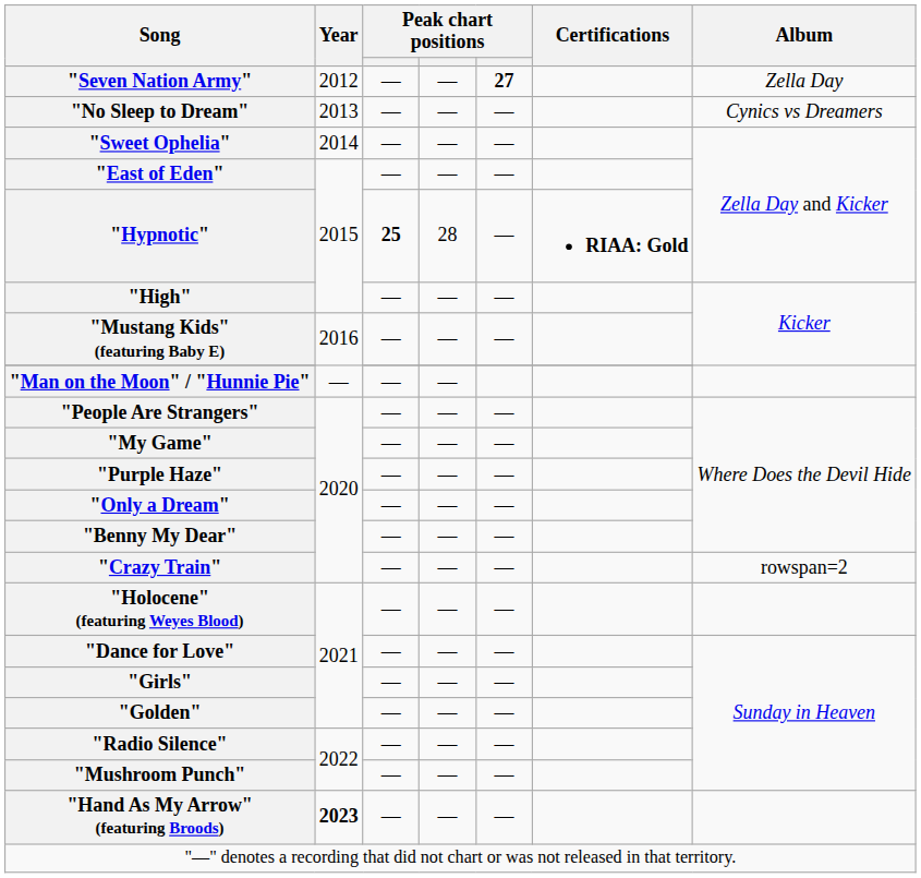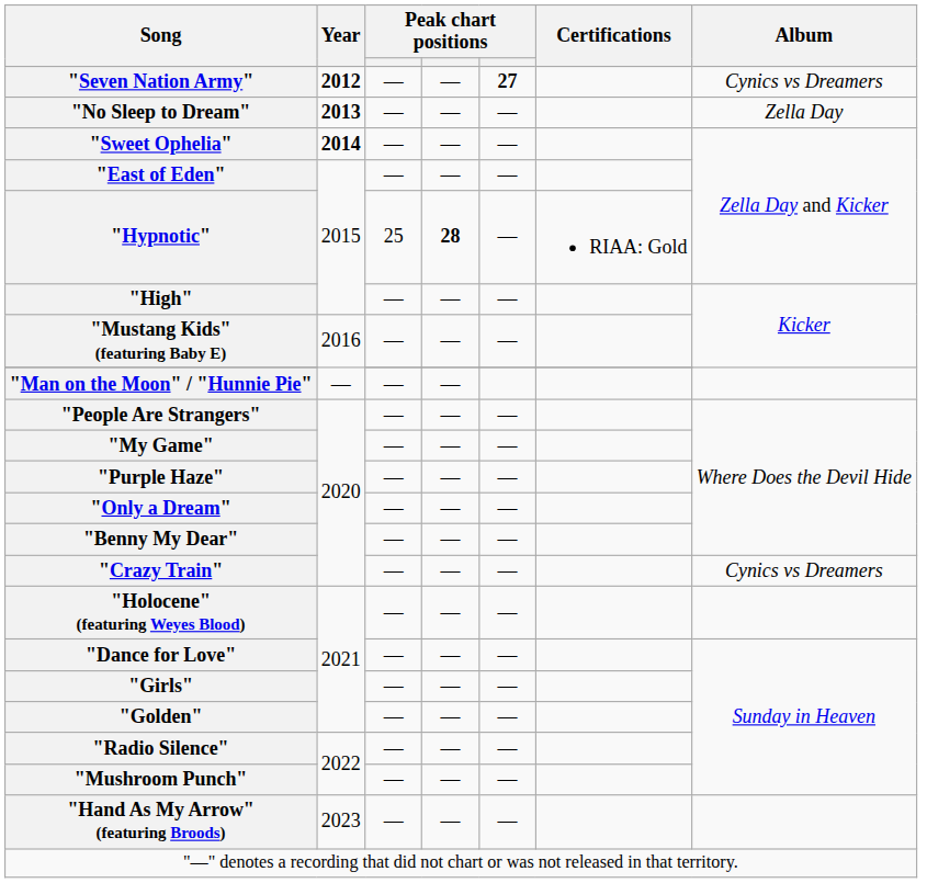 <table class="wikitable plainrowheaders" style=text-align:center;>
 <tr>
 <th rowspan="2">Song</th>
 <th rowspan="2">Year</th>
 <th colspan="3">Peak chart positions</th>
 <th rowspan="2">Certifications</th>
 <th rowspan="2">Album</th>
 </tr>
 <tr style="font-size:smaller;">
 <th style="width:3em;"></th>
 <th style="width:3em;"></th>
 <th style="width:3em;"></th>
 </tr>
 <tr>
 <th scope="row">"<a href='#'>Seven Nation Army</a>"</th>
-<td>2012</td>
+<td><strong>2012</strong></td>
 <td>—</td>
 <td>—</td>
 <td><strong>27</strong></td>
 <td></td>
-<td><em>Zella Day</em></td>
+<td><em>Cynics vs Dreamers</em></td>
 </tr>
 <tr>
 <th scope="row">"No Sleep to Dream"</th>
-<td>2013</td>
+<td><strong>2013</strong></td>
 <td>—</td>
 <td>—</td>
 <td>—</td>
 <td></td>
-<td><em>Cynics vs Dreamers</em></td>
+<td><em>Zella Day</em></td>
 </tr>
 <tr>
 <th scope="row">"<a href='#'>Sweet Ophelia</a>"</th>
-<td>2014</td>
+<td><strong>2014</strong></td>
 <td>—</td>
 <td>—</td>
 <td>—</td>
 <td></td>
 <td rowspan="3"><em><a href='#'>Zella Day</a></em> and <em><a href='#'>Kicker</a></em></td>
 </tr>
 <tr>
 <th scope="row">"<a href='#'>East of Eden</a>"</th>
 <td rowspan="3">2015</td>
 <td>—</td>
 <td>—</td>
 <td>—</td>
 <td></td>
 </tr>
 <tr>
 <th scope="row">"<a href='#'>Hypnotic</a>"</th>
-<td><strong>25</strong></td>
-<td>28</td>
+<td>25</td>
+<td><strong>28</strong></td>
 <td>—</td>
-<td><strong><br><ul><li>RIAA: Gold</li></ul></strong></td>
+<td><br><ul><li>RIAA: Gold</li></ul></td>
 </tr>
 <tr>
 <th scope="row">"High"</th>
 <td>—</td>
 <td>—</td>
 <td>—</td>
 <td></td>
 <td rowspan="2"><em><a href='#'>Kicker</a></em></td>
 </tr>
 <tr>
 <th scope="row">"Mustang Kids"<br><small>(featuring Baby E)</small></th>
 <td rowspan="2">2016</td>
 <td>—</td>
 <td>—</td>
 <td>—</td>
 <td></td>
 </tr>
 <tr>
 </tr>
 <tr>
 <th scope="row">"<a href='#'>Man on the Moon</a>" / "<a href='#'>Hunnie Pie</a>"</th>
 <td>—</td>
 <td>—</td>
 <td>—</td>
 <td></td>
 <td></td>
 </tr>
 <tr>
 <th scope="row">"People Are Strangers"</th>
 <td rowspan="6">2020</td>
 <td>—</td>
 <td>—</td>
 <td>—</td>
 <td></td>
 <td rowspan="5"><em>Where Does the Devil Hide</em></td>
 </tr>
 <tr>
 <th scope="row">"My Game"</th>
 <td>—</td>
 <td>—</td>
 <td>—</td>
 <td></td>
 </tr>
 <tr>
 <th scope="row">"Purple Haze"</th>
 <td>—</td>
 <td>—</td>
 <td>—</td>
 <td></td>
 </tr>
 <tr>
 <th scope="row">"<a href='#'>Only a Dream</a>"</th>
 <td>—</td>
 <td>—</td>
 <td>—</td>
 <td></td>
 </tr>
 <tr>
 <th scope="row">"Benny My Dear"</th>
 <td>—</td>
 <td>—</td>
 <td>—</td>
 <td></td>
 </tr>
 <tr>
 <th scope="row">"<a href='#'>Crazy Train</a>"</th>
 <td>—</td>
 <td>—</td>
 <td>—</td>
 <td></td>
-<td>rowspan=2 </td>
+<td><em>Cynics vs Dreamers</em></td>
 </tr>
 <tr>
 <th scope="row">"Holocene"<br><small>(featuring <a href='#'>Weyes Blood</a>)</small></th>
 <td rowspan="4">2021</td>
 <td>—</td>
 <td>—</td>
 <td>—</td>
 <td></td>
 </tr>
 <tr>
 <th scope="row">"Dance for Love"</th>
 <td>—</td>
 <td>—</td>
 <td>—</td>
 <td></td>
 <td rowspan=5><em><a href='#'>Sunday in Heaven</a></em></td>
 </tr>
 <tr>
 <th scope="row">"Girls"</th>
 <td>—</td>
 <td>—</td>
 <td>—</td>
 <td></td>
 </tr>
 <tr>
 <th scope="row">"Golden"</th>
 <td>—</td>
 <td>—</td>
 <td>—</td>
 <td></td>
 </tr>
 <tr>
 <th scope="row">"Radio Silence"</th>
 <td rowspan=2>2022</td>
 <td>—</td>
 <td>—</td>
 <td>—</td>
 <td></td>
 </tr>
 <tr>
 <th scope="row">"Mushroom Punch"</th>
 <td>—</td>
 <td>—</td>
 <td>—</td>
 <td></td>
 </tr>
 <tr>
 <th scope="row">"Hand As My Arrow"<br><small>(featuring <a href='#'>Broods</a>)</small></th>
-<td><strong>2023</strong></td>
+<td>2023</td>
 <td>—</td>
 <td>—</td>
 <td>—</td>
 <td></td>
 <td></td>
 </tr>
 <tr>
 <td colspan="7" style="font-size:90%">"—" denotes a recording that did not chart or was not released in that territory.</td>
 </tr>
 </table>
